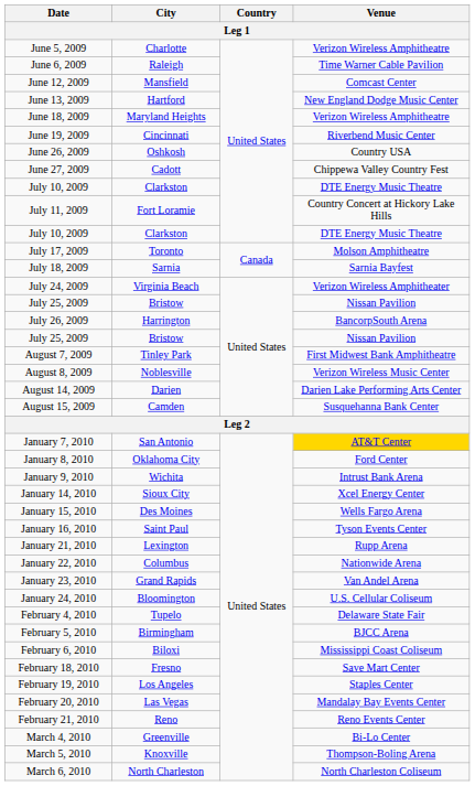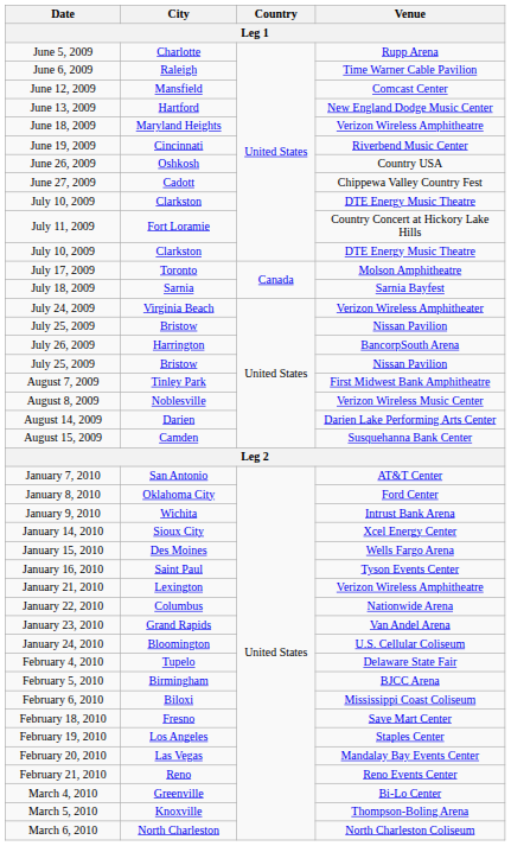 <table class="wikitable" style="text-align:center">
 <tr>
 <th style="width:150px;">Date</th>
 <th style="width:150px;">City</th>
 <th style="width:100px;">Country</th>
 <th style="width:250px;">Venue</th>
 </tr>
 <tr>
 <th colspan="4">Leg 1</th>
 </tr>
 <tr>
 <td>June 5, 2009</td>
 <td><a href='#'>Charlotte</a></td>
 <td rowspan="11"><a href='#'>United States</a></td>
-<td><a href='#'>Verizon Wireless Amphitheatre</a></td>
+<td><a href='#'>Rupp Arena</a></td>
 </tr>
 <tr>
 <td>June 6, 2009</td>
 <td><a href='#'>Raleigh</a></td>
 <td><a href='#'>Time Warner Cable Pavilion</a></td>
 </tr>
 <tr>
 <td>June 12, 2009</td>
 <td><a href='#'>Mansfield</a></td>
 <td><a href='#'>Comcast Center</a></td>
 </tr>
 <tr>
 <td>June 13, 2009</td>
 <td><a href='#'>Hartford</a></td>
 <td><a href='#'>New England Dodge Music Center</a></td>
 </tr>
 <tr>
 <td>June 18, 2009</td>
 <td><a href='#'>Maryland Heights</a></td>
 <td><a href='#'>Verizon Wireless Amphitheatre</a></td>
 </tr>
 <tr>
 <td>June 19, 2009</td>
 <td><a href='#'>Cincinnati</a></td>
 <td><a href='#'>Riverbend Music Center</a></td>
 </tr>
 <tr>
 <td>June 26, 2009</td>
 <td><a href='#'>Oshkosh</a></td>
 <td>Country USA</td>
 </tr>
 <tr>
 <td>June 27, 2009</td>
 <td><a href='#'>Cadott</a></td>
 <td>Chippewa Valley Country Fest</td>
 </tr>
 <tr>
 <td>July 10, 2009</td>
 <td><a href='#'>Clarkston</a></td>
 <td><a href='#'>DTE Energy Music Theatre</a></td>
 </tr>
 <tr>
 <td>July 11, 2009</td>
 <td><a href='#'>Fort Loramie</a></td>
 <td>Country Concert at Hickory Lake Hills</td>
 </tr>
 <tr>
 <td>July 10, 2009</td>
 <td><a href='#'>Clarkston</a></td>
 <td><a href='#'>DTE Energy Music Theatre</a></td>
 </tr>
 <tr>
 <td>July 17, 2009</td>
 <td><a href='#'>Toronto</a></td>
 <td rowspan="2"><a href='#'>Canada</a></td>
 <td><a href='#'>Molson Amphitheatre</a></td>
 </tr>
 <tr>
 <td>July 18, 2009</td>
 <td><a href='#'>Sarnia</a></td>
 <td><a href='#'>Sarnia Bayfest</a></td>
 </tr>
 <tr>
 <td>July 24, 2009</td>
 <td><a href='#'>Virginia Beach</a></td>
 <td rowspan="8">United States</td>
 <td><a href='#'>Verizon Wireless Amphitheater</a></td>
 </tr>
 <tr>
 <td>July 25, 2009</td>
 <td><a href='#'>Bristow</a></td>
 <td><a href='#'>Nissan Pavilion</a></td>
 </tr>
 <tr>
 <td>July 26, 2009</td>
 <td><a href='#'>Harrington</a></td>
 <td><a href='#'>BancorpSouth Arena</a></td>
 </tr>
 <tr>
 <td>July 25, 2009</td>
 <td><a href='#'>Bristow</a></td>
 <td><a href='#'>Nissan Pavilion</a></td>
 </tr>
 <tr>
 <td>August 7, 2009</td>
 <td><a href='#'>Tinley Park</a></td>
 <td><a href='#'>First Midwest Bank Amphitheatre</a></td>
 </tr>
 <tr>
 <td>August 8, 2009</td>
 <td><a href='#'>Noblesville</a></td>
 <td><a href='#'>Verizon Wireless Music Center</a></td>
 </tr>
 <tr>
 <td>August 14, 2009</td>
 <td><a href='#'>Darien</a></td>
 <td><a href='#'>Darien Lake Performing Arts Center</a></td>
 </tr>
 <tr>
 <td>August 15, 2009</td>
 <td><a href='#'>Camden</a></td>
 <td><a href='#'>Susquehanna Bank Center</a></td>
 </tr>
 <tr>
 <th colspan="4">Leg 2</th>
 </tr>
 <tr>
 <td>January 7, 2010</td>
 <td><a href='#'>San Antonio</a></td>
 <td rowspan="20">United States</td>
-<td style="background: gold;"><a href='#'>AT&T Center</a></td>
+<td><a href='#'>AT&T Center</a></td>
 </tr>
 <tr>
 <td>January 8, 2010</td>
 <td><a href='#'>Oklahoma City</a></td>
 <td><a href='#'>Ford Center</a></td>
 </tr>
 <tr>
 <td>January 9, 2010</td>
 <td><a href='#'>Wichita</a></td>
 <td><a href='#'>Intrust Bank Arena</a></td>
 </tr>
 <tr>
 <td>January 14, 2010</td>
 <td><a href='#'>Sioux City</a></td>
 <td><a href='#'>Xcel Energy Center</a></td>
 </tr>
 <tr>
 <td>January 15, 2010</td>
 <td><a href='#'>Des Moines</a></td>
 <td><a href='#'>Wells Fargo Arena</a></td>
 </tr>
 <tr>
 <td>January 16, 2010</td>
 <td><a href='#'>Saint Paul</a></td>
 <td><a href='#'>Tyson Events Center</a></td>
 </tr>
 <tr>
 <td>January 21, 2010</td>
 <td><a href='#'>Lexington</a></td>
-<td><a href='#'>Rupp Arena</a></td>
+<td><a href='#'>Verizon Wireless Amphitheatre</a></td>
 </tr>
 <tr>
 <td>January 22, 2010</td>
 <td><a href='#'>Columbus</a></td>
 <td><a href='#'>Nationwide Arena</a></td>
 </tr>
 <tr>
 <td>January 23, 2010</td>
 <td><a href='#'>Grand Rapids</a></td>
 <td><a href='#'>Van Andel Arena</a></td>
 </tr>
 <tr>
 <td>January 24, 2010</td>
 <td><a href='#'>Bloomington</a></td>
 <td><a href='#'>U.S. Cellular Coliseum</a></td>
 </tr>
 <tr>
 <td>February 4, 2010</td>
 <td><a href='#'>Tupelo</a></td>
 <td><a href='#'>Delaware State Fair</a></td>
 </tr>
 <tr>
 <td>February 5, 2010</td>
 <td><a href='#'>Birmingham</a></td>
 <td><a href='#'>BJCC Arena</a></td>
 </tr>
 <tr>
 <td>February 6, 2010</td>
 <td><a href='#'>Biloxi</a></td>
 <td><a href='#'>Mississippi Coast Coliseum</a></td>
 </tr>
 <tr>
 <td>February 18, 2010</td>
 <td><a href='#'>Fresno</a></td>
 <td><a href='#'>Save Mart Center</a></td>
 </tr>
 <tr>
 <td>February 19, 2010</td>
 <td><a href='#'>Los Angeles</a></td>
 <td><a href='#'>Staples Center</a></td>
 </tr>
 <tr>
 <td>February 20, 2010</td>
 <td><a href='#'>Las Vegas</a></td>
 <td><a href='#'>Mandalay Bay Events Center</a></td>
 </tr>
 <tr>
 <td>February 21, 2010</td>
 <td><a href='#'>Reno</a></td>
 <td><a href='#'>Reno Events Center</a></td>
 </tr>
 <tr>
 <td>March 4, 2010</td>
 <td><a href='#'>Greenville</a></td>
 <td><a href='#'>Bi-Lo Center</a></td>
 </tr>
 <tr>
 <td>March 5, 2010</td>
 <td><a href='#'>Knoxville</a></td>
 <td><a href='#'>Thompson-Boling Arena</a></td>
 </tr>
 <tr>
 <td>March 6, 2010</td>
 <td><a href='#'>North Charleston</a></td>
 <td><a href='#'>North Charleston Coliseum</a></td>
 </tr>
 </table>
